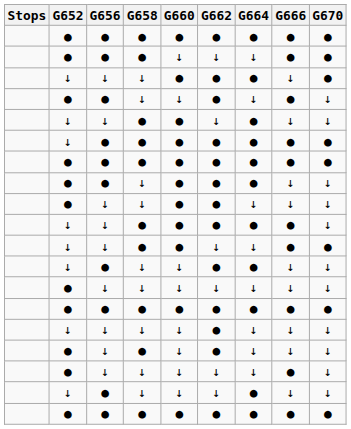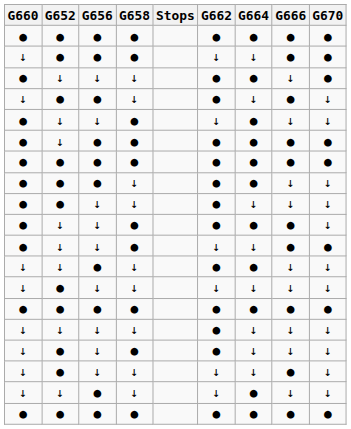 <table class="wikitable" style="text-align: center">
 <tr>
-<th>Stops</th>
+<th>G660</th>
 <th>G652</th>
 <th>G656</th>
 <th>G658</th>
-<th>G660</th>
+<th>Stops</th>
 <th>G662</th>
 <th>G664</th>
 <th>G666</th>
 <th>G670</th>
 </tr>
 <tr>
-<td><strong></strong></td>
 <td>●</td>
 <td>●</td>
 <td>●</td>
 <td>●</td>
+<td><strong></strong></td>
 <td>●</td>
 <td>●</td>
 <td>●</td>
 <td>●</td>
 </tr>
 <tr>
-<td></td>
+<td>↓</td>
 <td>●</td>
 <td>●</td>
 <td>●</td>
-<td>↓</td>
+<td></td>
 <td>↓</td>
 <td>↓</td>
 <td>●</td>
 <td>●</td>
 </tr>
 <tr>
-<td></td>
+<td>●</td>
 <td>↓</td>
 <td>↓</td>
 <td>↓</td>
-<td>●</td>
+<td></td>
 <td>●</td>
 <td>●</td>
 <td>↓</td>
 <td>●</td>
 </tr>
 <tr>
-<td></td>
+<td>↓</td>
 <td>●</td>
 <td>●</td>
 <td>↓</td>
-<td>↓</td>
+<td></td>
 <td>●</td>
 <td>↓</td>
 <td>●</td>
 <td>↓</td>
 </tr>
 <tr>
-<td></td>
+<td>●</td>
 <td>↓</td>
 <td>↓</td>
 <td>●</td>
-<td>●</td>
+<td></td>
 <td>↓</td>
 <td>●</td>
 <td>↓</td>
 <td>↓</td>
 </tr>
 <tr>
-<td></td>
+<td>●</td>
 <td>↓</td>
 <td>●</td>
 <td>●</td>
-<td>●</td>
+<td></td>
 <td>●</td>
 <td>●</td>
 <td>●</td>
 <td>●</td>
 </tr>
 <tr>
-<td><strong></strong></td>
 <td>●</td>
 <td>●</td>
 <td>●</td>
 <td>●</td>
+<td><strong></strong></td>
 <td>●</td>
 <td>●</td>
 <td>●</td>
 <td>●</td>
 </tr>
 <tr>
-<td></td>
+<td>●</td>
 <td>●</td>
 <td>●</td>
 <td>↓</td>
-<td>●</td>
+<td></td>
 <td>●</td>
 <td>●</td>
 <td>↓</td>
 <td>↓</td>
 </tr>
 <tr>
-<td></td>
+<td>●</td>
 <td>●</td>
 <td>↓</td>
 <td>↓</td>
-<td>●</td>
+<td></td>
 <td>●</td>
 <td>↓</td>
 <td>↓</td>
 <td>↓</td>
 </tr>
 <tr>
-<td></td>
+<td>●</td>
 <td>↓</td>
 <td>↓</td>
 <td>●</td>
-<td>●</td>
+<td></td>
 <td>●</td>
 <td>●</td>
 <td>●</td>
 <td>↓</td>
 </tr>
 <tr>
-<td></td>
+<td>●</td>
 <td>↓</td>
 <td>↓</td>
 <td>●</td>
-<td>●</td>
+<td></td>
 <td>↓</td>
 <td>↓</td>
 <td>●</td>
 <td>●</td>
 </tr>
 <tr>
-<td></td>
+<td>↓</td>
 <td>↓</td>
 <td>●</td>
 <td>↓</td>
-<td>↓</td>
+<td></td>
 <td>●</td>
 <td>●</td>
 <td>↓</td>
 <td>↓</td>
 </tr>
 <tr>
-<td></td>
+<td>↓</td>
 <td>●</td>
 <td>↓</td>
 <td>↓</td>
-<td>↓</td>
+<td></td>
 <td>↓</td>
 <td>↓</td>
 <td>↓</td>
 <td>↓</td>
 </tr>
 <tr>
-<td><strong></strong></td>
 <td>●</td>
 <td>●</td>
 <td>●</td>
 <td>●</td>
+<td><strong></strong></td>
 <td>●</td>
 <td>●</td>
 <td>●</td>
 <td>●</td>
 </tr>
 <tr>
-<td></td>
 <td>↓</td>
 <td>↓</td>
 <td>↓</td>
 <td>↓</td>
+<td></td>
 <td>●</td>
 <td>↓</td>
 <td>↓</td>
 <td>↓</td>
 </tr>
 <tr>
-<td></td>
+<td>↓</td>
 <td>●</td>
 <td>↓</td>
 <td>●</td>
-<td>↓</td>
+<td></td>
 <td>●</td>
 <td>↓</td>
 <td>↓</td>
 <td>↓</td>
 </tr>
 <tr>
-<td></td>
+<td>↓</td>
 <td>●</td>
 <td>↓</td>
 <td>↓</td>
-<td>↓</td>
+<td></td>
 <td>↓</td>
 <td>↓</td>
 <td>●</td>
 <td>↓</td>
 </tr>
 <tr>
-<td></td>
+<td>↓</td>
 <td>↓</td>
 <td>●</td>
 <td>↓</td>
-<td>↓</td>
+<td></td>
 <td>↓</td>
 <td>●</td>
 <td>↓</td>
 <td>↓</td>
 </tr>
 <tr>
-<td><strong></strong></td>
 <td>●</td>
 <td>●</td>
 <td>●</td>
 <td>●</td>
+<td><strong></strong></td>
 <td>●</td>
 <td>●</td>
 <td>●</td>
 <td>●</td>
 </tr>
 </table>
